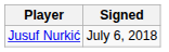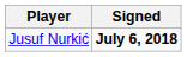 <table class="wikitable sortable sortable" style="text-align: center">
 <tr>
 <th>Player</th>
 <th>Signed</th>
 </tr>
 <tr style="text-align: center">
 <td><a href='#'>Jusuf Nurkić</a></td>
-<td>July 6, 2018</td>
+<td><strong>July 6, 2018</strong></td>
 </tr>
 </table>
